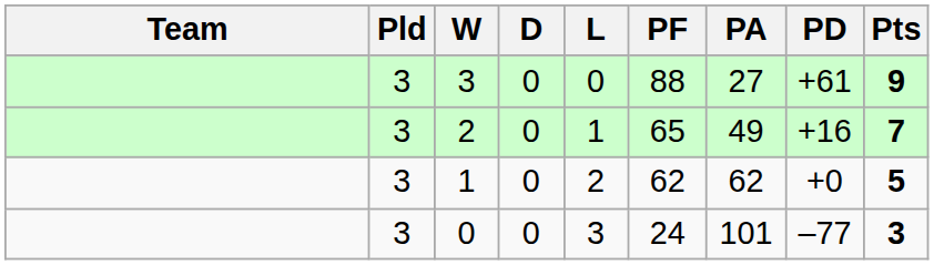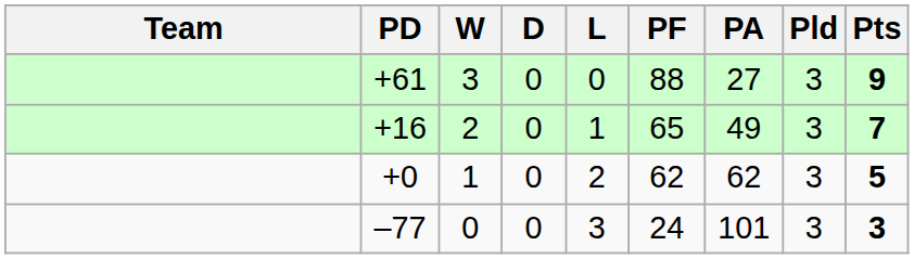 <table class="wikitable" style="text-align:center;">
 <tr>
 <th width=175>Team</th>
-<th width=25 abbr="Played">Pld</th>
+<th width=32 abbr="Points difference">PD</th>
 <th width=25 abbr="Won">W</th>
 <th width=25 abbr="Drawn">D</th>
 <th width=25 abbr="Lost">L</th>
 <th width=32 abbr="Points for">PF</th>
 <th width=32 abbr="Points against">PA</th>
-<th width=32 abbr="Points difference">PD</th>
+<th width=25 abbr="Played">Pld</th>
 <th width=25 abbr="Points">Pts</th>
 </tr>
 <tr bgcolor=ccffcc>
 <td align=left></td>
-<td>3</td>
+<td>+61</td>
 <td>3</td>
 <td>0</td>
 <td>0</td>
 <td>88</td>
 <td>27</td>
-<td>+61</td>
+<td>3</td>
 <td><strong>9</strong></td>
 </tr>
 <tr bgcolor=ccffcc>
 <td align=left></td>
-<td>3</td>
+<td>+16</td>
 <td>2</td>
 <td>0</td>
 <td>1</td>
 <td>65</td>
 <td>49</td>
-<td>+16</td>
+<td>3</td>
 <td><strong>7</strong></td>
 </tr>
 <tr>
 <td align=left></td>
-<td>3</td>
+<td>+0</td>
 <td>1</td>
 <td>0</td>
 <td>2</td>
 <td>62</td>
 <td>62</td>
-<td>+0</td>
+<td>3</td>
 <td><strong>5</strong></td>
 </tr>
 <tr>
 <td align=left></td>
-<td>3</td>
+<td>–77</td>
 <td>0</td>
 <td>0</td>
 <td>3</td>
 <td>24</td>
 <td>101</td>
-<td>–77</td>
+<td>3</td>
 <td><strong>3</strong></td>
 </tr>
 </table>
